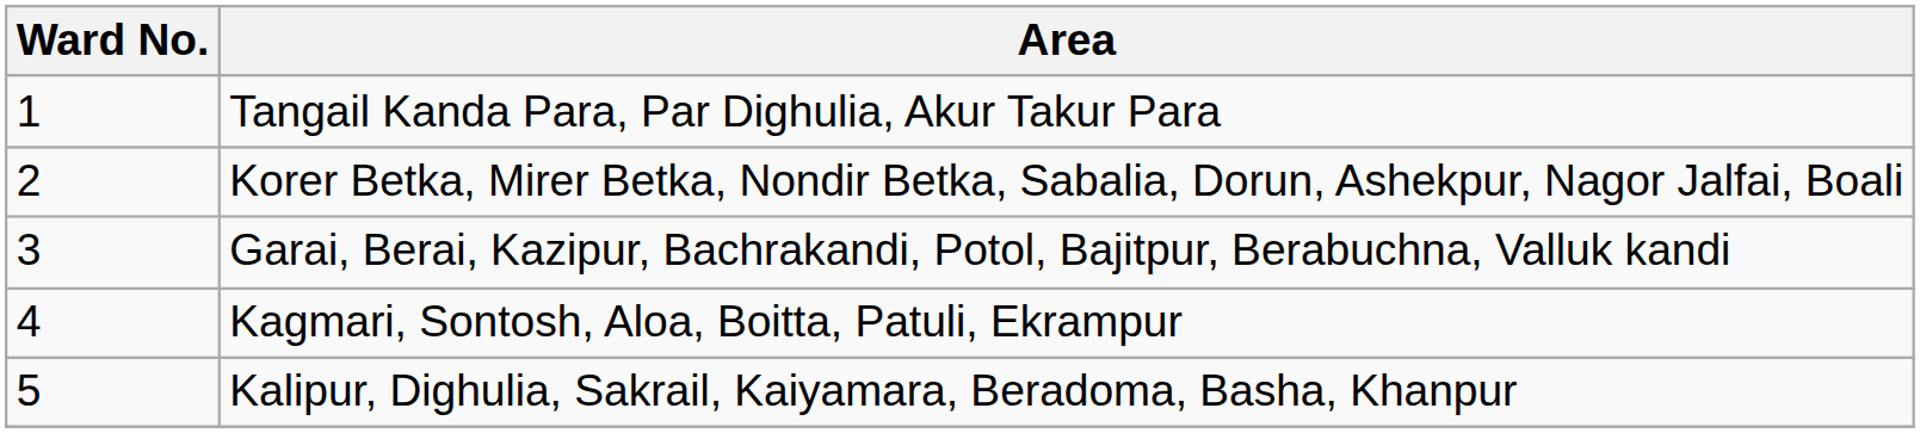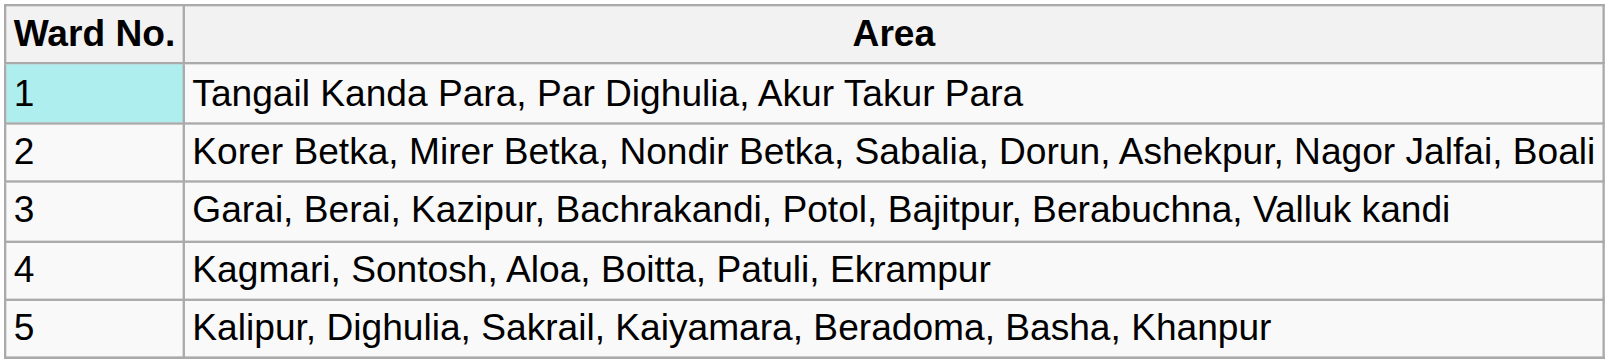 <table class="wikitable">
 <tr>
 <th>Ward No.</th>
 <th>Area</th>
 </tr>
 <tr>
-<td>1</td>
+<td style="background: paleturquoise;">1</td>
 <td>Tangail Kanda Para, Par Dighulia, Akur Takur Para</td>
 </tr>
 <tr>
 <td>2</td>
 <td>Korer Betka, Mirer Betka, Nondir Betka, Sabalia, Dorun, Ashekpur, Nagor Jalfai, Boali</td>
 </tr>
 <tr>
 <td>3</td>
 <td>Garai, Berai, Kazipur, Bachrakandi, Potol, Bajitpur, Berabuchna, Valluk kandi</td>
 </tr>
 <tr>
 <td>4</td>
 <td>Kagmari, Sontosh, Aloa, Boitta, Patuli, Ekrampur</td>
 </tr>
 <tr>
 <td>5</td>
 <td>Kalipur, Dighulia, Sakrail, Kaiyamara, Beradoma, Basha, Khanpur</td>
 </tr>
 <tr>
 </tr>
 </table>
